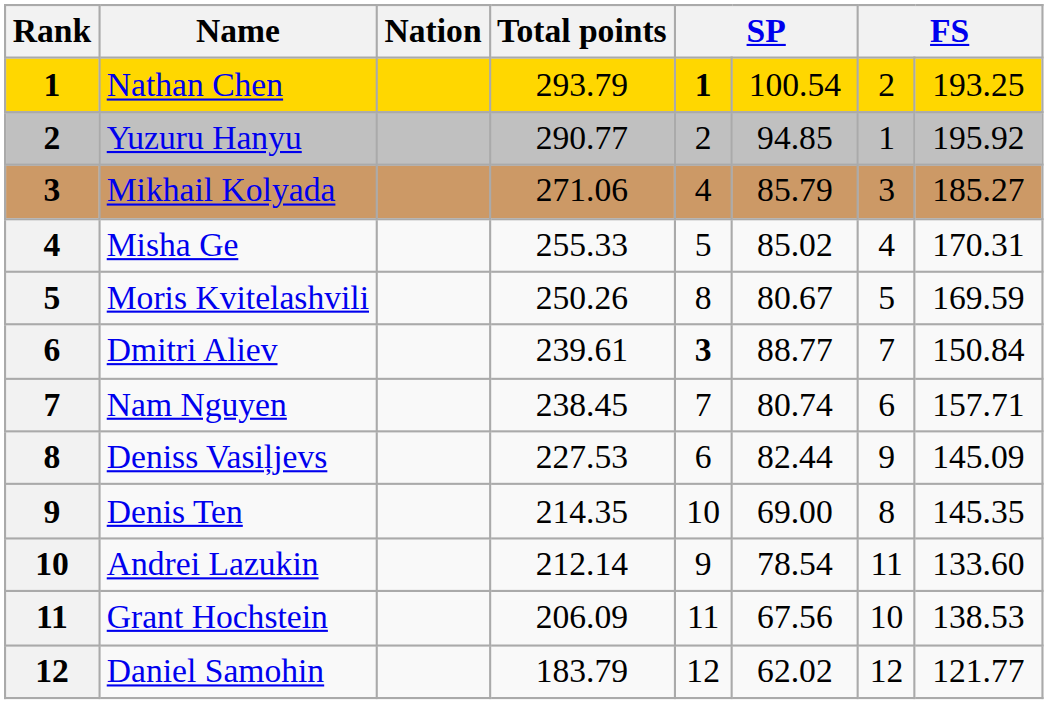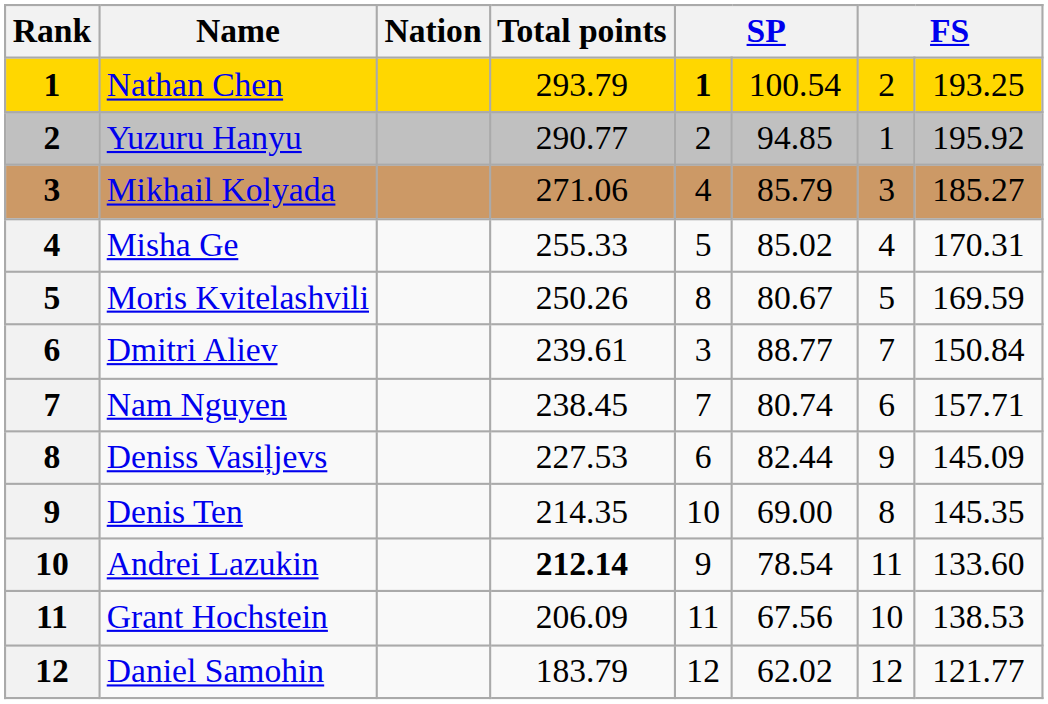 <table class="wikitable sortable">
 <tr>
 <th>Rank</th>
 <th>Name</th>
 <th>Nation</th>
 <th>Total points</th>
 <th colspan="2" width="80px"><a href='#'>SP</a></th>
 <th colspan="2" width="80px"><a href='#'>FS</a></th>
 </tr>
 <tr bgcolor="gold">
 <td align="center"><strong>1</strong></td>
 <td><a href='#'>Nathan Chen</a></td>
 <td></td>
 <td align="center">293.79</td>
 <td align="center"><strong>1</strong></td>
 <td align="center">100.54</td>
 <td align="center">2</td>
 <td align="center">193.25</td>
 </tr>
 <tr bgcolor="silver">
 <td align="center"><strong>2</strong></td>
 <td><a href='#'>Yuzuru Hanyu</a></td>
 <td></td>
 <td align="center">290.77</td>
 <td align="center">2</td>
 <td align="center">94.85</td>
 <td align="center">1</td>
 <td align="center">195.92</td>
 </tr>
 <tr bgcolor="cc9966">
 <td align="center"><strong>3</strong></td>
 <td><a href='#'>Mikhail Kolyada</a></td>
 <td></td>
 <td align="center">271.06</td>
 <td align="center">4</td>
 <td align="center">85.79</td>
 <td align="center">3</td>
 <td align="center">185.27</td>
 </tr>
 <tr>
 <th>4</th>
 <td><a href='#'>Misha Ge</a></td>
 <td></td>
 <td align="center">255.33</td>
 <td align="center">5</td>
 <td align="center">85.02</td>
 <td align="center">4</td>
 <td align="center">170.31</td>
 </tr>
 <tr>
 <th>5</th>
 <td><a href='#'>Moris Kvitelashvili</a></td>
 <td></td>
 <td align="center">250.26</td>
 <td align="center">8</td>
 <td align="center">80.67</td>
 <td align="center">5</td>
 <td align="center">169.59</td>
 </tr>
 <tr>
 <th>6</th>
 <td><a href='#'>Dmitri Aliev</a></td>
 <td></td>
 <td align="center">239.61</td>
-<td align="center"><strong>3</strong></td>
+<td align="center">3</td>
 <td align="center">88.77</td>
 <td align="center">7</td>
 <td align="center">150.84</td>
 </tr>
 <tr>
 <th>7</th>
 <td><a href='#'>Nam Nguyen</a></td>
 <td></td>
 <td align="center">238.45</td>
 <td align="center">7</td>
 <td align="center">80.74</td>
 <td align="center">6</td>
 <td align="center">157.71</td>
 </tr>
 <tr>
 <th>8</th>
 <td><a href='#'>Deniss Vasiļjevs</a></td>
 <td></td>
 <td align="center">227.53</td>
 <td align="center">6</td>
 <td align="center">82.44</td>
 <td align="center">9</td>
 <td align="center">145.09</td>
 </tr>
 <tr>
 <th>9</th>
 <td><a href='#'>Denis Ten</a></td>
 <td></td>
 <td align="center">214.35</td>
 <td align="center">10</td>
 <td align="center">69.00</td>
 <td align="center">8</td>
 <td align="center">145.35</td>
 </tr>
 <tr>
 <th>10</th>
 <td><a href='#'>Andrei Lazukin</a></td>
 <td></td>
-<td align="center">212.14</td>
+<td align="center"><strong>212.14</strong></td>
 <td align="center">9</td>
 <td align="center">78.54</td>
 <td align="center">11</td>
 <td align="center">133.60</td>
 </tr>
 <tr>
 <th>11</th>
 <td><a href='#'>Grant Hochstein</a></td>
 <td></td>
 <td align="center">206.09</td>
 <td align="center">11</td>
 <td align="center">67.56</td>
 <td align="center">10</td>
 <td align="center">138.53</td>
 </tr>
 <tr>
 <th>12</th>
 <td><a href='#'>Daniel Samohin</a></td>
 <td></td>
 <td align="center">183.79</td>
 <td align="center">12</td>
 <td align="center">62.02</td>
 <td align="center">12</td>
 <td align="center">121.77</td>
 </tr>
 </table>
